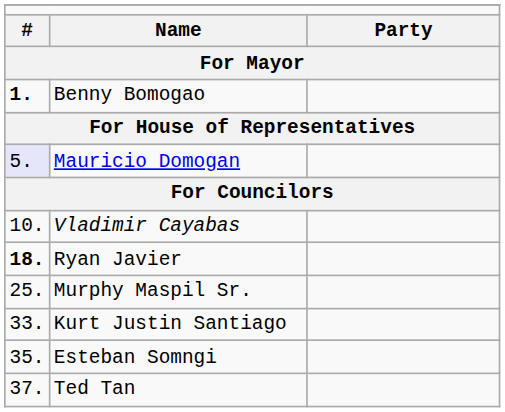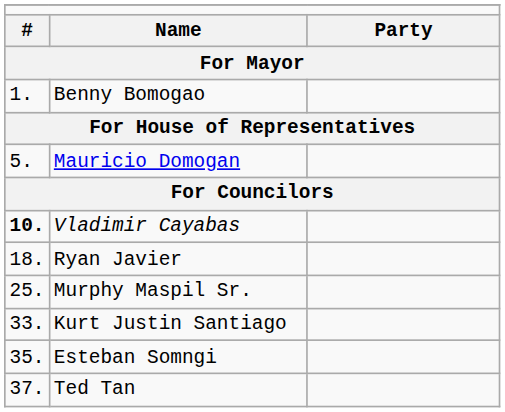 <table class="wikitable" style="font-size:90%">
 <tr>
 </tr>
 <tr>
 <td colspan=4 bgcolor=></td>
 </tr>
 <tr>
 <th>#</th>
 <th width=150px>Name</th>
 <th colspan=2 width=110px>Party</th>
 </tr>
 <tr>
 <th colspan=5>For Mayor</th>
 </tr>
 <tr>
-<td><strong>1.</strong></td>
+<td>1.</td>
 <td>Benny Bomogao</td>
 <td></td>
 </tr>
 <tr>
 <th colspan=5>For House of Representatives</th>
 </tr>
 <tr>
-<td style="background: lavender;">5.</td>
+<td>5.</td>
 <td><a href='#'>Mauricio Domogan</a></td>
 <td></td>
 </tr>
 <tr>
 <th colspan=5>For Councilors</th>
 </tr>
 <tr>
-<td>10.</td>
+<td><strong>10.</strong></td>
 <td><em>Vladimir Cayabas</em></td>
 <td></td>
 </tr>
 <tr>
-<td><strong>18.</strong></td>
+<td>18.</td>
 <td>Ryan Javier</td>
 <td></td>
 </tr>
 <tr>
 <td>25.</td>
 <td>Murphy Maspil Sr.</td>
 <td></td>
 </tr>
 <tr>
 <td>33.</td>
 <td>Kurt Justin Santiago</td>
 <td></td>
 </tr>
 <tr>
 <td>35.</td>
 <td>Esteban Somngi</td>
 <td></td>
 </tr>
 <tr>
 <td>37.</td>
 <td>Ted Tan</td>
 <td></td>
 </tr>
 </table>
